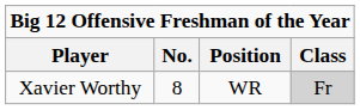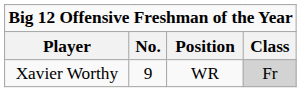 <table class="wikitable" style="text-align:center">
 <tr>
 <td colspan="5"><strong>Big 12 Offensive Freshman of the Year</strong></td>
 </tr>
 <tr>
 <th>Player</th>
 <th>No.</th>
 <th>Position</th>
 <th>Class</th>
 </tr>
 <tr>
 <td>Xavier Worthy</td>
-<td>8</td>
+<td>9</td>
 <td>WR</td>
 <td style="background: lightgrey;">Fr</td>
 </tr>
 </table>
